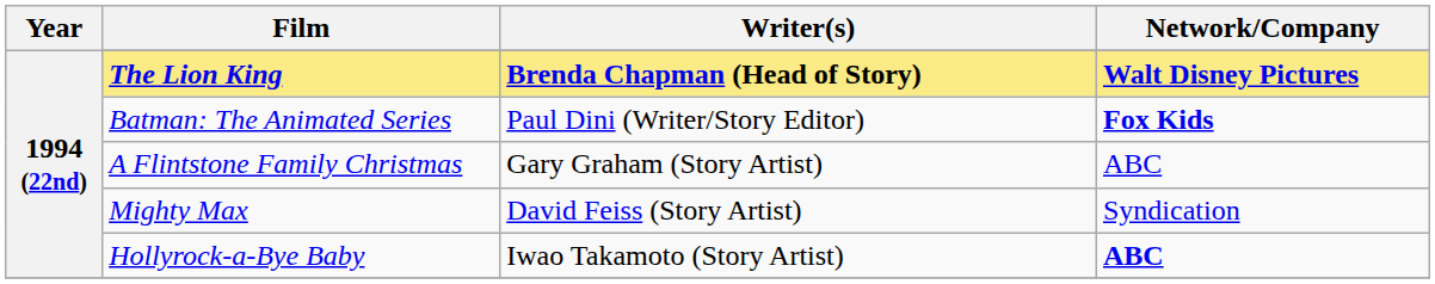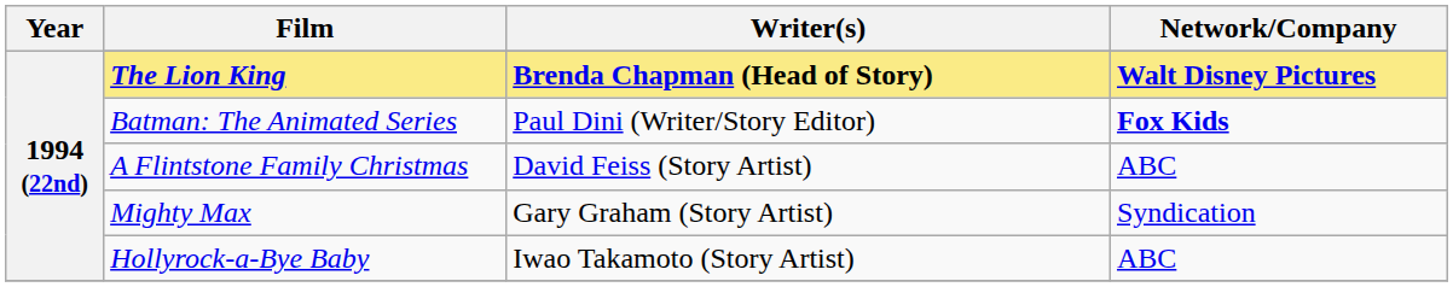 <table class="wikitable" style="width:90%;">
 <tr>
 <th style="width:3%;">Year</th>
 <th style="width:20%;">Film</th>
 <th style="width:30%;">Writer(s)</th>
 <th style="width:15%;">Network/Company</th>
 </tr>
 <tr>
 <th rowspan="6" style="text-align:center;">1994 <br><small>(<a href='#'>22nd</a>)</small><br></th>
 </tr>
 <tr style="background:#FAEB86;">
 <td><strong><em><a href='#'>The Lion King</a></em></strong></td>
 <td><strong><a href='#'>Brenda Chapman</a> (Head of Story)</strong></td>
 <td><strong><a href='#'>Walt Disney Pictures</a></strong></td>
 </tr>
 <tr>
 <td><em><a href='#'>Batman: The Animated Series</a></em></td>
 <td><a href='#'>Paul Dini</a> (Writer/Story Editor)</td>
 <td><strong><a href='#'>Fox Kids</a></strong></td>
 </tr>
 <tr>
 <td><em><a href='#'>A Flintstone Family Christmas</a></em></td>
-<td>Gary Graham (Story Artist)</td>
+<td><a href='#'>David Feiss</a> (Story Artist)</td>
 <td><a href='#'>ABC</a></td>
 </tr>
 <tr>
 <td><em><a href='#'>Mighty Max</a></em></td>
-<td><a href='#'>David Feiss</a> (Story Artist)</td>
+<td>Gary Graham (Story Artist)</td>
 <td><a href='#'>Syndication</a></td>
 </tr>
 <tr>
 <td><em><a href='#'>Hollyrock-a-Bye Baby</a></em></td>
 <td>Iwao Takamoto (Story Artist)</td>
-<td><strong><a href='#'>ABC</a></strong></td>
+<td><a href='#'>ABC</a></td>
 </tr>
 <tr>
 </tr>
 </table>
